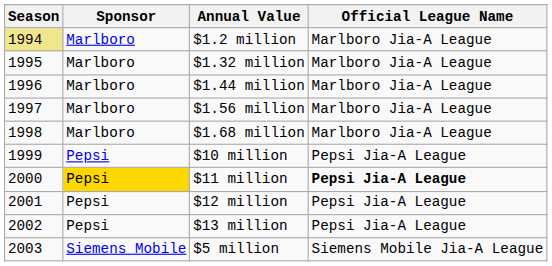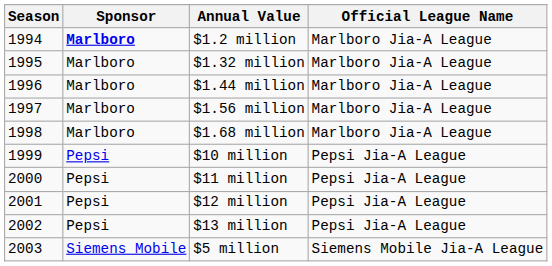 <table class="wikitable">
 <tr>
 </tr>
 <tr>
 <th>Season</th>
 <th>Sponsor</th>
 <th>Annual Value</th>
 <th>Official League Name</th>
 </tr>
 <tr>
-<td style="background: khaki;">1994</td>
-<td><a href='#'>Marlboro</a></td>
+<td>1994</td>
+<td><strong><a href='#'>Marlboro</a></strong></td>
 <td>$1.2 million</td>
 <td>Marlboro Jia-A League</td>
 </tr>
 <tr>
 <td>1995</td>
 <td>Marlboro</td>
 <td>$1.32 million</td>
 <td>Marlboro Jia-A League</td>
 </tr>
 <tr>
 <td>1996</td>
 <td>Marlboro</td>
 <td>$1.44 million</td>
 <td>Marlboro Jia-A League</td>
 </tr>
 <tr>
 <td>1997</td>
 <td>Marlboro</td>
 <td>$1.56 million</td>
 <td>Marlboro Jia-A League</td>
 </tr>
 <tr>
 <td>1998</td>
 <td>Marlboro</td>
 <td>$1.68 million</td>
 <td>Marlboro Jia-A League</td>
 </tr>
 <tr>
 <td>1999</td>
 <td><a href='#'>Pepsi</a></td>
 <td>$10 million</td>
 <td>Pepsi Jia-A League</td>
 </tr>
 <tr>
 <td>2000</td>
-<td style="background: gold;">Pepsi</td>
+<td>Pepsi</td>
 <td>$11 million</td>
-<td><strong>Pepsi Jia-A League</strong></td>
+<td>Pepsi Jia-A League</td>
 </tr>
 <tr>
 <td>2001</td>
 <td>Pepsi</td>
 <td>$12 million</td>
 <td>Pepsi Jia-A League</td>
 </tr>
 <tr>
 <td>2002</td>
 <td>Pepsi</td>
 <td>$13 million</td>
 <td>Pepsi Jia-A League</td>
 </tr>
 <tr>
 <td>2003</td>
 <td><a href='#'>Siemens Mobile</a></td>
 <td>$5 million</td>
 <td>Siemens Mobile Jia-A League</td>
 </tr>
 </table>
